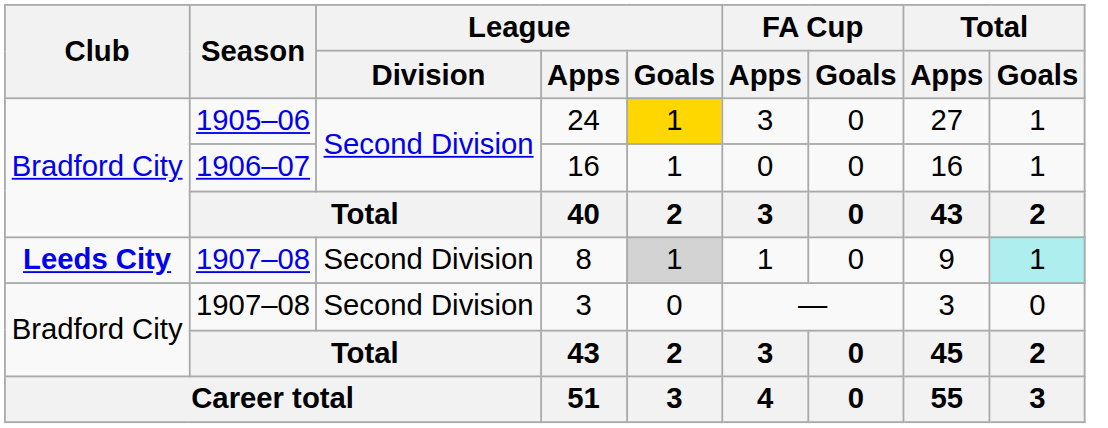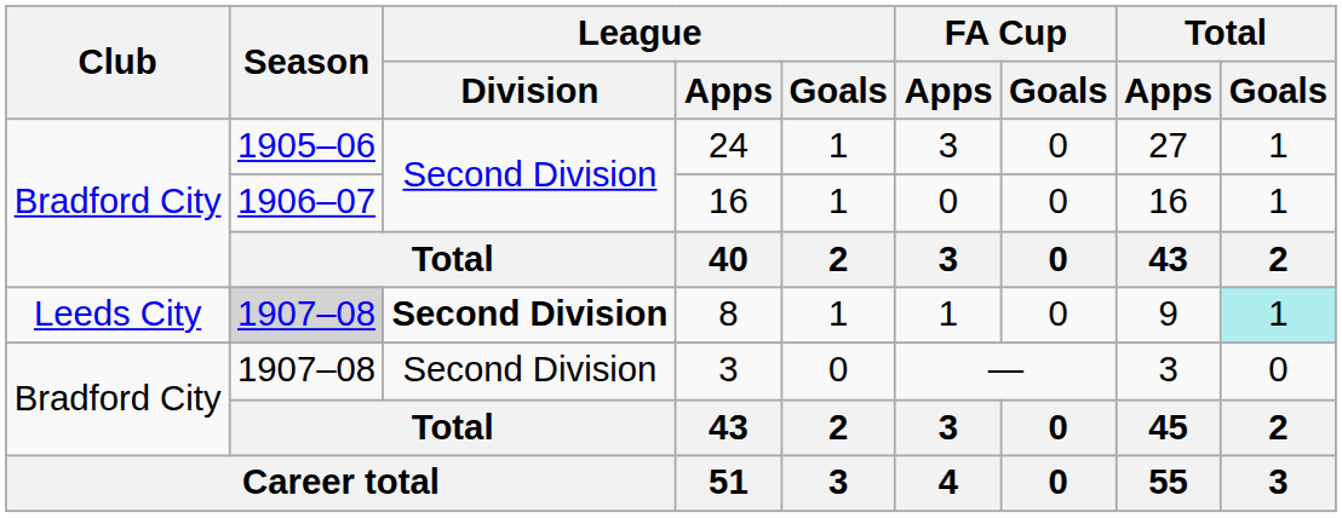 <table class="wikitable" style="text-align: center">
 <tr>
 <th rowspan="2">Club</th>
 <th rowspan="2">Season</th>
 <th colspan="3">League</th>
 <th colspan="2">FA Cup</th>
 <th colspan="2">Total</th>
 </tr>
 <tr>
 <th>Division</th>
 <th>Apps</th>
 <th>Goals</th>
 <th>Apps</th>
 <th>Goals</th>
 <th>Apps</th>
 <th>Goals</th>
 </tr>
 <tr>
 <td rowspan="3"><a href='#'>Bradford City</a></td>
 <td><a href='#'>1905–06</a></td>
 <td rowspan="2"><a href='#'>Second Division</a></td>
 <td>24</td>
-<td style="background: gold;">1</td>
+<td>1</td>
 <td>3</td>
 <td>0</td>
 <td>27</td>
 <td>1</td>
 </tr>
 <tr>
 <td><a href='#'>1906–07</a></td>
 <td>16</td>
 <td>1</td>
 <td>0</td>
 <td>0</td>
 <td>16</td>
 <td>1</td>
 </tr>
 <tr>
 <th colspan="2">Total</th>
 <th>40</th>
 <th>2</th>
 <th>3</th>
 <th>0</th>
 <th>43</th>
 <th>2</th>
 </tr>
 <tr>
-<td><strong><a href='#'>Leeds City</a></strong></td>
-<td><a href='#'>1907–08</a></td>
-<td>Second Division</td>
+<td><a href='#'>Leeds City</a></td>
+<td style="background: lightgrey;"><a href='#'>1907–08</a></td>
+<td><strong>Second Division</strong></td>
 <td>8</td>
-<td style="background: lightgrey;">1</td>
+<td>1</td>
 <td>1</td>
 <td>0</td>
 <td>9</td>
 <td style="background: paleturquoise;">1</td>
 </tr>
 <tr>
 <td rowspan="2">Bradford City</td>
 <td>1907–08</td>
 <td>Second Division</td>
 <td>3</td>
 <td>0</td>
 <td colspan="2">—</td>
 <td>3</td>
 <td>0</td>
 </tr>
 <tr>
 <th colspan="2">Total</th>
 <th>43</th>
 <th>2</th>
 <th>3</th>
 <th>0</th>
 <th>45</th>
 <th>2</th>
 </tr>
 <tr>
 <th colspan="3">Career total</th>
 <th>51</th>
 <th>3</th>
 <th>4</th>
 <th>0</th>
 <th>55</th>
 <th>3</th>
 </tr>
 </table>
